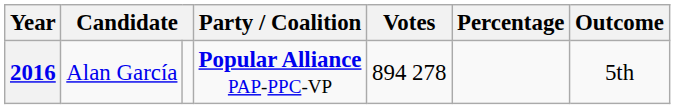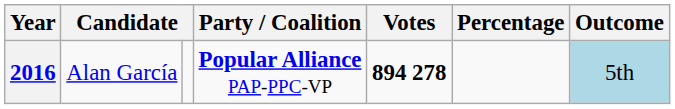 <table class="wikitable" style="text-align:center">
 <tr>
 <th>Year</th>
 <th colspan="2">Candidate</th>
 <th>Party / Coalition</th>
 <th>Votes</th>
 <th>Percentage</th>
 <th>Outcome</th>
 </tr>
 <tr>
 <th><strong><a href='#'>2016</a></strong></th>
 <td><a href='#'>Alan García</a></td>
 <td></td>
 <td><strong><a href='#'>Popular Alliance</a></strong><br><small><a href='#'>PAP</a>-<a href='#'>PPC</a>-VP</small></td>
-<td>894 278</td>
+<td><strong>894 278</strong></td>
 <td></td>
-<td>5th</td>
+<td style="background: lightblue;">5th</td>
 </tr>
 </table>
